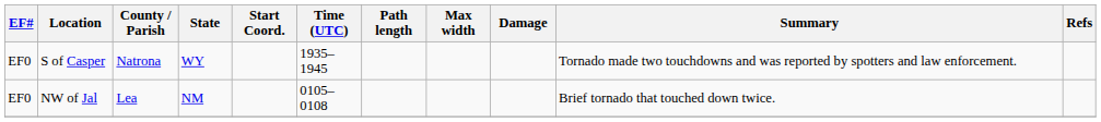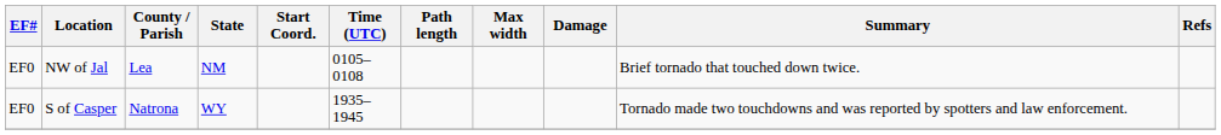 <table class="wikitable sortable" style="width:100%;">
 <tr>
 <th scope="col" width="3%" align="center"><a href='#'>EF#</a></th>
 <th scope="col" width="7%" align="center" class="unsortable">Location</th>
 <th scope="col" width="6%" align="center" class="unsortable">County / Parish</th>
 <th scope="col" width="5%" align="center">State</th>
 <th scope="col" width="6%" class="unsortable" align="center">Start Coord.</th>
 <th scope="col" width="6%" align="center">Time (<a href='#'>UTC</a>)</th>
 <th scope="col" width="6%" align="center">Path length</th>
 <th scope="col" width="6%" align="center">Max width</th>
 <th scope="col" width="6%" align="center">Damage</th>
 <th scope="col" width="48%" class="unsortable" align="center">Summary</th>
 <th scope="col" width="48%" class="unsortable" align="center">Refs</th>
 </tr>
 <tr>
 <td>EF0</td>
+<td>NW of <a href='#'>Jal</a></td>
+<td><a href='#'>Lea</a></td>
+<td><a href='#'>NM</a></td>
+<td></td>
+<td>0105–0108</td>
+<td></td>
+<td></td>
+<td></td>
+<td>Brief tornado that touched down twice.</td>
+<td></td>
+</tr>
+<tr>
+<td>EF0</td>
 <td>S of <a href='#'>Casper</a></td>
 <td><a href='#'>Natrona</a></td>
 <td><a href='#'>WY</a></td>
 <td></td>
 <td>1935–1945</td>
 <td></td>
 <td></td>
 <td></td>
 <td>Tornado made two touchdowns and was reported by spotters and law enforcement.</td>
 <td></td>
 </tr>
 <tr>
-<td>EF0</td>
-<td>NW of <a href='#'>Jal</a></td>
-<td><a href='#'>Lea</a></td>
-<td><a href='#'>NM</a></td>
-<td></td>
-<td>0105–0108</td>
-<td></td>
-<td></td>
-<td></td>
-<td>Brief tornado that touched down twice.</td>
-<td></td>
-</tr>
-<tr>
 </tr>
 </table>
